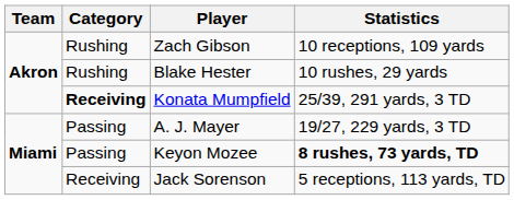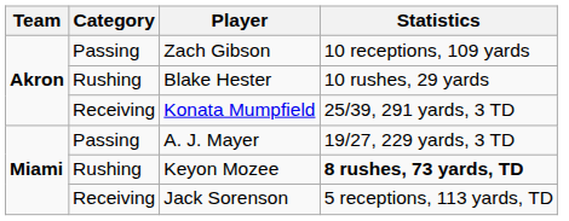 <table class="wikitable" style="float: left;">
 <tr>
 <th>Team</th>
 <th>Category</th>
 <th>Player</th>
 <th>Statistics</th>
 </tr>
 <tr>
 <td rowspan=3><strong>Akron</strong></td>
-<td>Rushing</td>
+<td>Passing</td>
 <td>Zach Gibson</td>
 <td>10 receptions, 109 yards</td>
 </tr>
 <tr>
 <td>Rushing</td>
 <td>Blake Hester</td>
 <td>10 rushes, 29 yards</td>
 </tr>
 <tr>
-<td><strong>Receiving</strong></td>
+<td>Receiving</td>
 <td><a href='#'>Konata Mumpfield</a></td>
 <td>25/39, 291 yards, 3 TD</td>
 </tr>
 <tr>
 <td rowspan=3><strong>Miami</strong></td>
 <td>Passing</td>
 <td>A. J. Mayer</td>
 <td>19/27, 229 yards, 3 TD</td>
 </tr>
 <tr>
-<td>Passing</td>
+<td>Rushing</td>
 <td>Keyon Mozee</td>
 <td><strong>8 rushes, 73 yards, TD</strong></td>
 </tr>
 <tr>
 <td>Receiving</td>
 <td>Jack Sorenson</td>
 <td>5 receptions, 113 yards, TD</td>
 </tr>
 </table>
